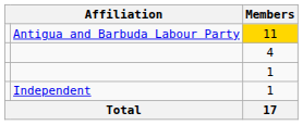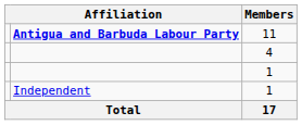 <table class=wikitable>
 <tr valign=bottom>
 <th colspan=2>Affiliation</th>
 <th>Members</th>
 </tr>
 <tr>
 <td></td>
-<td><a href='#'>Antigua and Barbuda Labour Party</a></td>
-<td align=center style="background: gold;">11</td>
+<td><strong><a href='#'>Antigua and Barbuda Labour Party</a></strong></td>
+<td align=center>11</td>
 </tr>
 <tr>
 <td></td>
 <td></td>
 <td align=center>4</td>
 </tr>
 <tr>
 <td></td>
 <td></td>
 <td align=center>1</td>
 </tr>
 <tr>
 <td></td>
 <td><a href='#'>Independent</a></td>
 <td align=center>1</td>
 </tr>
 <tr>
 <th colspan="2" style="text-align:center;">Total</th>
 <th align=center>17</th>
 </tr>
 </table>
